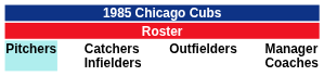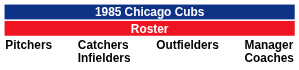 <table class="toccolours" style="font-size: 95%;">
 <tr>
 <th colspan="10" style="background:#0e3386; color:#fff; text-align:center;">1985 Chicago Cubs</th>
 </tr>
 <tr>
 <td colspan="10" style="background:#ee1422; color:#fff; text-align:center;"><strong>Roster</strong></td>
 </tr>
 <tr>
-<td valign="top" style="background: paleturquoise;"><strong>Pitchers</strong><br>                   </td>
+<td valign="top"><strong>Pitchers</strong><br>                   </td>
 <td style="width:25px;"></td>
 <td valign="top"><strong>Catchers</strong><br>  <strong>Infielders</strong>        </td>
 <td style="width:25px;"></td>
 <td valign="top"><strong>Outfielders</strong><br>         </td>
 <td style="width:25px;"></td>
 <td valign="top"><strong>Manager</strong><br> <strong>Coaches</strong>     </td>
 </tr>
 </table>
